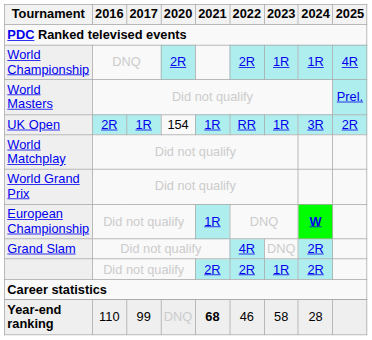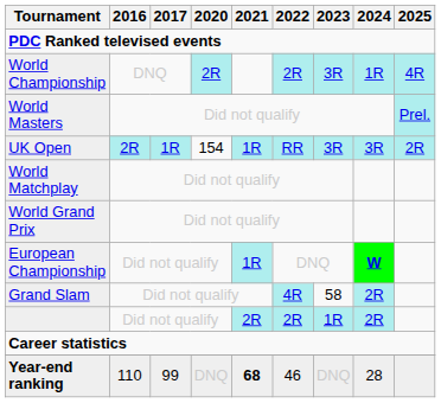 <table class="wikitable" style="width:30%; margin:0">
 <tr>
 <th>Tournament</th>
 <th>2016</th>
 <th>2017</th>
 <th>2020</th>
 <th>2021</th>
 <th>2022</th>
 <th>2023</th>
 <th>2024</th>
 <th>2025</th>
 </tr>
 <tr>
 <td colspan="31" align="left"><strong><a href='#'>PDC</a> Ranked televised events</strong></td>
 </tr>
 <tr>
 <td style="background:#efefef;"><a href='#'>World Championship</a></td>
 <td colspan="2" style="text-align:center; color:#ccc;">DNQ</td>
 <td style="text-align:center; background:#afeeee;"><a href='#'>2R</a></td>
 <td style="text-align:center; color:#ccc;"></td>
 <td style="text-align:center; background:#afeeee;"><a href='#'>2R</a></td>
-<td style="text-align:center; background:#afeeee;"><a href='#'>1R</a></td>
+<td style="text-align:center; background:#afeeee;"><a href='#'>3R</a></td>
 <td style="text-align:center; background:#afeeee;"><a href='#'>1R</a></td>
 <td style="text-align:center; background:#afeeee;"><a href='#'>4R</a></td>
 </tr>
 <tr>
 <td style="background:#efefef;"><a href='#'>World Masters</a></td>
 <td colspan="7" style="text-align:center; color:#ccc;">Did not qualify</td>
 <td style="text-align:center; background:#afeeee;"><a href='#'>Prel.</a></td>
 </tr>
 <tr>
 <td style="background:#efefef;"><a href='#'>UK Open</a></td>
 <td style="text-align:center; background:#afeeee;"><a href='#'>2R</a></td>
 <td style="text-align:center; background:#afeeee;"><a href='#'>1R</a></td>
 <td style="text-align:center;">154</td>
 <td style="text-align:center; background:#afeeee;"><a href='#'>1R</a></td>
 <td style="text-align:center; background:#afeeee;"><a href='#'>RR</a></td>
-<td style="text-align:center; background:#afeeee;"><a href='#'>1R</a></td>
+<td style="text-align:center; background:#afeeee;"><a href='#'>3R</a></td>
 <td style="text-align:center; background:#afeeee;"><a href='#'>3R</a></td>
 <td style="text-align:center; background:#afeeee;"><a href='#'>2R</a></td>
 </tr>
 <tr>
 <td style="background:#efefef;"><a href='#'>World Matchplay</a></td>
 <td colspan="6" style="text-align:center; color:#ccc;">Did not qualify</td>
 <td></td>
 <td></td>
 </tr>
 <tr>
 <td style="background:#efefef;"><a href='#'>World Grand Prix</a></td>
 <td colspan="6" style="text-align:center; color:#ccc;">Did not qualify</td>
 <td></td>
 <td></td>
 </tr>
 <tr>
 <td style="background:#efefef;"><a href='#'>European Championship</a></td>
 <td colspan="3" style="text-align:center; color:#ccc;">Did not qualify</td>
 <td style="text-align:center; background:#afeeee;"><a href='#'>1R</a></td>
 <td colspan="2" style="text-align:center; color:#ccc;">DNQ</td>
 <td style="text-align:center; background:lime"><strong><a href='#'>W</a></strong></td>
 <td></td>
 </tr>
 <tr>
 <td style="background:#efefef;"><a href='#'>Grand Slam</a></td>
 <td colspan="4" style="text-align:center; color:#ccc;">Did not qualify</td>
 <td style="text-align:center; background:#afeeee;"><a href='#'>4R</a></td>
-<td style="text-align:center; color:#ccc;">DNQ</td>
+<td style="text-align:center;">58</td>
 <td style="text-align:center; background:#afeeee;"><a href='#'>2R</a></td>
 <td></td>
 </tr>
 <tr>
 <td style="background:#efefef;"></td>
 <td colspan="3" style="text-align:center; color:#ccc;">Did not qualify</td>
 <td style="text-align:center; background:#afeeee;"><a href='#'>2R</a></td>
 <td style="text-align:center; background:#afeeee;"><a href='#'>2R</a></td>
 <td style="text-align:center; background:#afeeee;"><a href='#'>1R</a></td>
 <td style="text-align:center; background:#afeeee;"><a href='#'>2R</a></td>
 <td></td>
 </tr>
 <tr>
 <td colspan="18" align="left"><strong>Career statistics</strong></td>
 </tr>
 <tr>
 </tr>
 <tr bgcolor="efefef">
 <td align="left"><strong>Year-end ranking</strong></td>
 <td style="text-align:center;">110</td>
 <td style="text-align:center;">99</td>
 <td style="text-align:center; color:#ccc;">DNQ</td>
 <td style="text-align:center;"><strong>68</strong></td>
 <td style="text-align:center;">46</td>
-<td style="text-align:center;">58</td>
+<td style="text-align:center; color:#ccc;">DNQ</td>
 <td style="text-align:center;">28</td>
 <td></td>
 </tr>
 </table>
